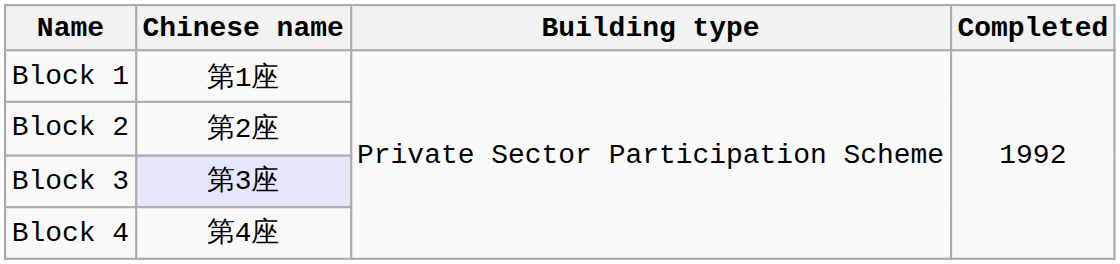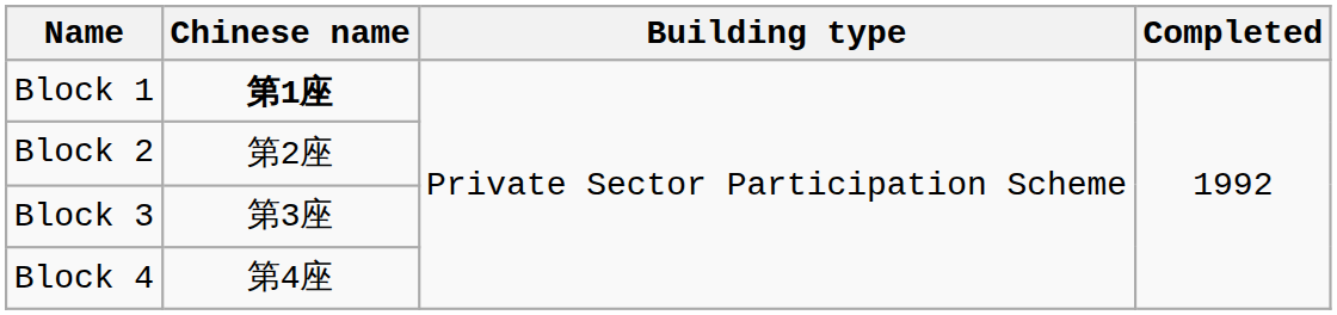 <table class="wikitable" style="text-align: center">
 <tr>
 <th>Name</th>
 <th>Chinese name</th>
 <th>Building type</th>
 <th>Completed</th>
 </tr>
 <tr>
 <td>Block 1</td>
-<td>第1座</td>
+<td><strong>第1座</strong></td>
 <td rowspan="4">Private Sector Participation Scheme</td>
 <td rowspan="4">1992</td>
 </tr>
 <tr>
 <td>Block 2</td>
 <td>第2座</td>
 </tr>
 <tr>
 <td>Block 3</td>
-<td style="background: lavender;">第3座</td>
+<td>第3座</td>
 </tr>
 <tr>
 <td>Block 4</td>
 <td>第4座</td>
 </tr>
 </table>
